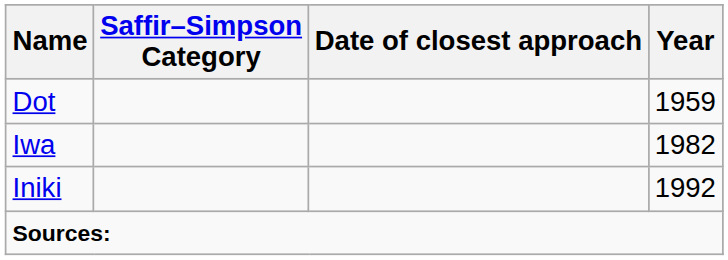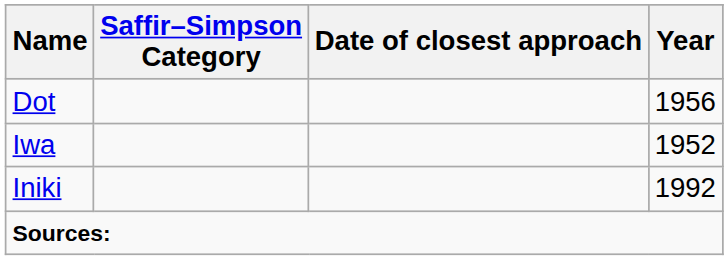 <table class = "wikitable" style="margin:1em auto;">
 <tr>
 <th>Name</th>
 <th><a href='#'>Saffir–Simpson</a><br>Category</th>
 <th>Date of closest approach</th>
 <th>Year</th>
 </tr>
 <tr>
 <td><a href='#'>Dot</a></td>
 <td></td>
 <td></td>
-<td>1959</td>
+<td>1956</td>
 </tr>
 <tr>
 <td><a href='#'>Iwa</a></td>
 <td></td>
 <td></td>
-<td>1982</td>
+<td>1952</td>
 </tr>
 <tr>
 <td><a href='#'>Iniki</a></td>
 <td></td>
 <td></td>
 <td>1992</td>
 </tr>
 <tr>
 <td colspan="9"><small><strong>Sources:</strong> </small></td>
 </tr>
 </table>
